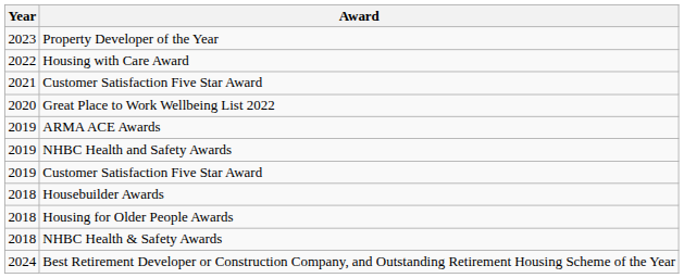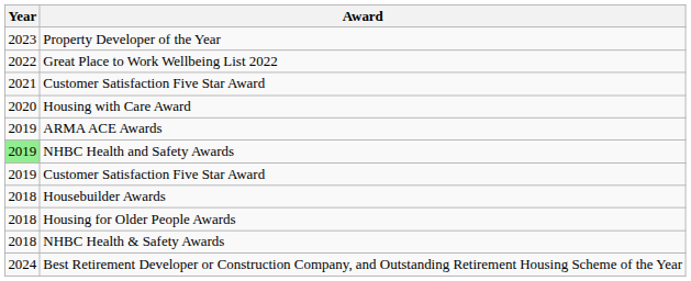 <table class="wikitable">
 <tr>
 <th>Year</th>
 <th>Award</th>
 </tr>
 <tr>
 <td>2023</td>
 <td>Property Developer of the Year</td>
 </tr>
 <tr>
 <td>2022</td>
-<td>Housing with Care Award</td>
+<td>Great Place to Work Wellbeing List 2022</td>
 </tr>
 <tr>
 <td>2021</td>
 <td>Customer Satisfaction Five Star Award</td>
 </tr>
 <tr>
 <td>2020</td>
-<td>Great Place to Work Wellbeing List 2022</td>
+<td>Housing with Care Award</td>
 </tr>
 <tr>
 <td>2019</td>
 <td>ARMA ACE Awards</td>
 </tr>
 <tr>
-<td>2019</td>
+<td style="background: lightgreen;">2019</td>
 <td>NHBC Health and Safety Awards</td>
 </tr>
 <tr>
 <td>2019</td>
 <td>Customer Satisfaction Five Star Award</td>
 </tr>
 <tr>
 <td>2018</td>
 <td>Housebuilder Awards</td>
 </tr>
 <tr>
 <td>2018</td>
 <td>Housing for Older People Awards</td>
 </tr>
 <tr>
 <td>2018</td>
 <td>NHBC Health & Safety Awards</td>
 </tr>
 <tr>
 <td>2024</td>
 <td>Best Retirement Developer or Construction Company, and Outstanding Retirement Housing Scheme of the Year</td>
 </tr>
 </table>
